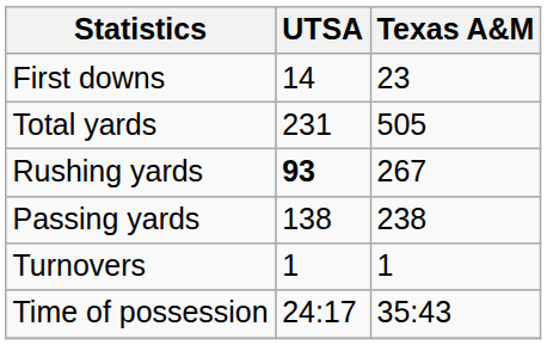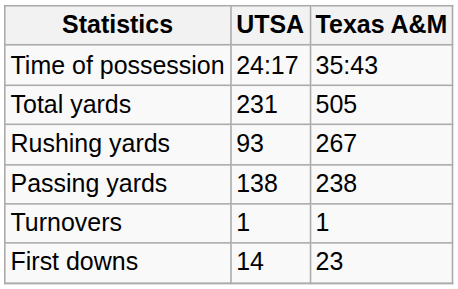 <table class="wikitable" style="float: left;">
 <tr>
 <th>Statistics</th>
 <th>UTSA</th>
 <th>Texas A&M</th>
 </tr>
 <tr>
-<td>First downs</td>
-<td>14</td>
-<td>23</td>
+<td>Time of possession</td>
+<td>24:17</td>
+<td>35:43</td>
 </tr>
 <tr>
 <td>Total yards</td>
 <td>231</td>
 <td>505</td>
 </tr>
 <tr>
 <td>Rushing yards</td>
-<td><strong>93</strong></td>
+<td>93</td>
 <td>267</td>
 </tr>
 <tr>
 <td>Passing yards</td>
 <td>138</td>
 <td>238</td>
 </tr>
 <tr>
 <td>Turnovers</td>
 <td>1</td>
 <td>1</td>
 </tr>
 <tr>
-<td>Time of possession</td>
-<td>24:17</td>
-<td>35:43</td>
+<td>First downs</td>
+<td>14</td>
+<td>23</td>
 </tr>
 <tr>
 </tr>
 </table>
